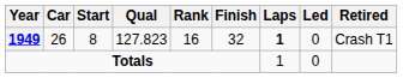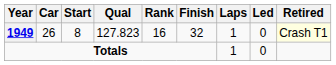 <table class="wikitable" style="text-align:center">
 <tr>
 <th>Year</th>
 <th>Car</th>
 <th>Start</th>
 <th>Qual</th>
 <th>Rank</th>
 <th>Finish</th>
 <th>Laps</th>
 <th>Led</th>
 <th>Retired</th>
 </tr>
 <tr>
 <th><a href='#'>1949</a></th>
 <td>26</td>
 <td>8</td>
 <td>127.823</td>
 <td>16</td>
 <td>32</td>
-<td><strong>1</strong></td>
+<td>1</td>
 <td>0</td>
-<td>Crash T1</td>
+<td style="background: lightyellow;">Crash T1</td>
 </tr>
 <tr>
 <td colspan=6><strong>Totals</strong></td>
 <td>1</td>
 <td>0</td>
 <td></td>
 </tr>
 </table>
